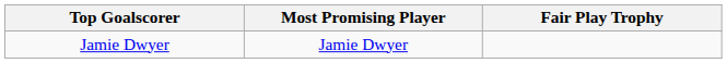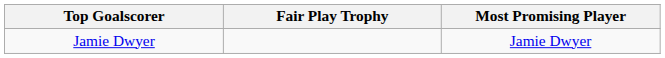 <table class=wikitable style="margin:auto; text-align:center">
 <tr>
 <th style="width: 220px;">Top Goalscorer</th>
+<th style="width: 220px;">Fair Play Trophy</th>
 <th style="width: 220px;">Most Promising Player</th>
-<th style="width: 220px;">Fair Play Trophy</th>
 </tr>
 <tr>
 <td> <a href='#'>Jamie Dwyer</a></td>
+<td></td>
 <td> <a href='#'>Jamie Dwyer</a></td>
-<td></td>
 </tr>
 </table>
